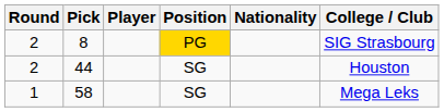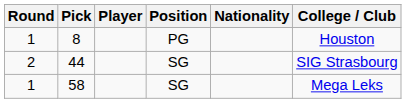 <table class="wikitable sortable sortable">
 <tr>
 <th>Round</th>
 <th>Pick</th>
 <th>Player</th>
 <th>Position</th>
 <th>Nationality</th>
 <th>College / Club</th>
 </tr>
 <tr style="text-align: center">
-<td>2</td>
+<td>1</td>
 <td>8</td>
 <td></td>
-<td style="background: gold;">PG</td>
+<td>PG</td>
 <td></td>
-<td> <a href='#'>SIG Strasbourg</a></td>
+<td><a href='#'>Houston</a></td>
 </tr>
 <tr style="text-align: center">
 <td>2</td>
 <td>44</td>
 <td></td>
 <td>SG</td>
 <td></td>
-<td><a href='#'>Houston</a></td>
+<td> <a href='#'>SIG Strasbourg</a></td>
 </tr>
 <tr style="text-align: center">
 <td>1</td>
 <td>58</td>
 <td></td>
 <td>SG</td>
 <td></td>
 <td> <a href='#'>Mega Leks</a></td>
 </tr>
 </table>
